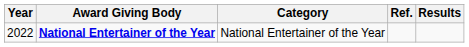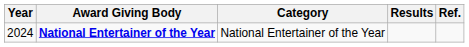 <table class="wikitable sortable" >
 <tr>
 <th>Year</th>
 <th>Award Giving Body</th>
 <th>Category</th>
+<th>Results</th>
 <th>Ref.</th>
-<th>Results</th>
 </tr>
 <tr>
-<td>2022</td>
+<td>2024</td>
 <td style="text-align:center"><strong><a href='#'>National Entertainer of the Year</a></strong></td>
 <td style="text-align:center">National Entertainer of the Year</td>
+<td></td>
 <td style="text-align:center"></td>
-<td></td>
 </tr>
 </table>
